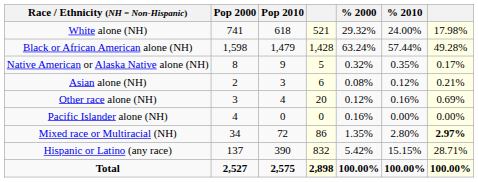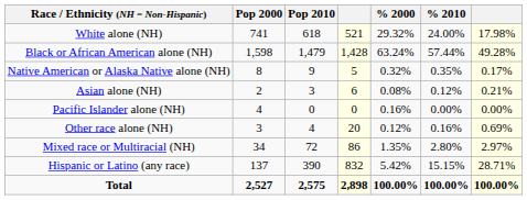 <table class="wikitable" style="text-align:center;">
 <tr>
 <th>Race / Ethnicity <small>(<em>NH = Non-Hispanic</em>)</small></th>
 <th>Pop 2000</th>
 <th>Pop 2010</th>
 <th></th>
 <th>% 2000</th>
 <th>% 2010</th>
 <th></th>
 </tr>
 <tr>
 <td><a href='#'>White</a> alone (NH)</td>
 <td>741</td>
 <td>618</td>
 <td style='background: #ffffe6;'>521</td>
 <td>29.32%</td>
 <td>24.00%</td>
 <td style='background: #ffffe6;'>17.98%</td>
 </tr>
 <tr>
 <td><a href='#'>Black or African American</a> alone (NH)</td>
 <td>1,598</td>
 <td>1,479</td>
 <td style='background: #ffffe6;'>1,428</td>
 <td>63.24%</td>
 <td>57.44%</td>
 <td style='background: #ffffe6;'>49.28%</td>
 </tr>
 <tr>
 <td><a href='#'>Native American</a> or <a href='#'>Alaska Native</a> alone (NH)</td>
 <td>8</td>
 <td>9</td>
 <td style='background: #ffffe6;'>5</td>
 <td>0.32%</td>
 <td>0.35%</td>
 <td style='background: #ffffe6;'>0.17%</td>
 </tr>
 <tr>
 <td><a href='#'>Asian</a> alone (NH)</td>
 <td>2</td>
 <td>3</td>
 <td style='background: #ffffe6;'>6</td>
 <td>0.08%</td>
 <td>0.12%</td>
 <td style='background: #ffffe6;'>0.21%</td>
 </tr>
 <tr>
+<td><a href='#'>Pacific Islander</a> alone (NH)</td>
+<td>4</td>
+<td>0</td>
+<td style='background: #ffffe6;'>0</td>
+<td>0.16%</td>
+<td>0.00%</td>
+<td style='background: #ffffe6;'>0.00%</td>
+</tr>
+<tr>
 <td><a href='#'>Other race</a> alone (NH)</td>
 <td>3</td>
 <td>4</td>
 <td style='background: #ffffe6;'>20</td>
 <td>0.12%</td>
 <td>0.16%</td>
 <td style='background: #ffffe6;'>0.69%</td>
 </tr>
 <tr>
-<td><a href='#'>Pacific Islander</a> alone (NH)</td>
-<td>4</td>
-<td>0</td>
-<td style='background: #ffffe6;'>0</td>
-<td>0.16%</td>
-<td>0.00%</td>
-<td style='background: #ffffe6;'>0.00%</td>
-</tr>
-<tr>
 <td><a href='#'>Mixed race or Multiracial</a> (NH)</td>
 <td>34</td>
 <td>72</td>
 <td style='background: #ffffe6;'>86</td>
 <td>1.35%</td>
 <td>2.80%</td>
-<td style='background: #ffffe6;'><strong>2.97%</strong></td>
+<td style='background: #ffffe6;'>2.97%</td>
 </tr>
 <tr>
 <td><a href='#'>Hispanic or Latino</a> (any race)</td>
 <td>137</td>
 <td>390</td>
 <td style='background: #ffffe6;'>832</td>
 <td>5.42%</td>
 <td>15.15%</td>
 <td style='background: #ffffe6;'>28.71%</td>
 </tr>
 <tr>
 <td><strong>Total</strong></td>
 <td><strong>2,527</strong></td>
 <td><strong>2,575</strong></td>
 <td style='background: #ffffe6;'><strong>2,898</strong></td>
 <td><strong>100.00%</strong></td>
 <td><strong>100.00%</strong></td>
 <td style='background: #ffffe6;'><strong>100.00%</strong></td>
 </tr>
 </table>
